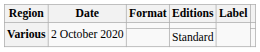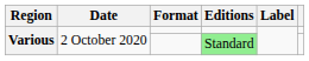 <table class="wikitable plainrowheaders">
 <tr>
 <th scope="col">Region</th>
 <th scope="col">Date</th>
 <th scope="col">Format</th>
 <th scope="col">Editions</th>
 <th scope="col">Label</th>
 <th scope="col"></th>
 </tr>
 <tr>
 <th scope="row" rowspan="2">Various</th>
 <td rowspan="2">2 October 2020</td>
 <td></td>
 <td></td>
 <td rowspan="2"></td>
 <td></td>
 </tr>
 <tr>
 <td></td>
-<td>Standard</td>
+<td style="background: lightgreen;">Standard</td>
 <td></td>
 </tr>
 </table>
